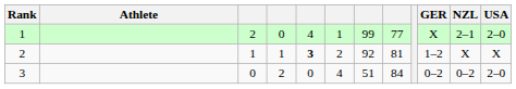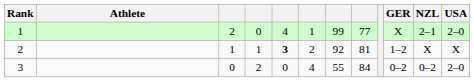 <table class="wikitable" style="text-align:center">
 <tr>
 <th>Rank</th>
 <th width=250>Athlete</th>
 <th width=30></th>
 <th width=30></th>
 <th width=30></th>
 <th width=30></th>
 <th width=30></th>
 <th width=30></th>
 <th rowspan=4></th>
 <th width=30>GER</th>
 <th width=30>NZL</th>
 <th width=30>USA</th>
 </tr>
 <tr style="background-color:#ccffcc;">
 <td>1</td>
 <td align=left></td>
 <td>2</td>
 <td>0</td>
 <td>4</td>
 <td>1</td>
 <td>99</td>
 <td>77</td>
 <td>X</td>
 <td>2–1</td>
 <td>2–0</td>
 </tr>
 <tr>
 <td>2</td>
 <td align=left></td>
 <td>1</td>
 <td>1</td>
 <td><strong>3</strong></td>
 <td>2</td>
 <td>92</td>
 <td>81</td>
 <td>1–2</td>
 <td>X</td>
 <td>X</td>
 </tr>
 <tr>
 <td>3</td>
 <td align=left></td>
 <td>0</td>
 <td>2</td>
 <td>0</td>
 <td>4</td>
-<td>51</td>
+<td>55</td>
 <td>84</td>
 <td>0–2</td>
 <td>0–2</td>
 <td>2–0</td>
 </tr>
 </table>
